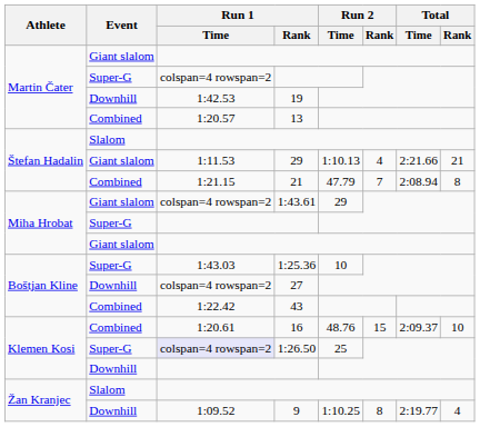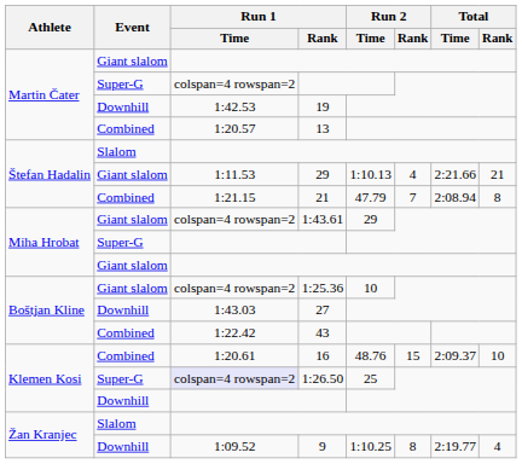 <table class="wikitable" style="font-size:90%">
 <tr>
 <th rowspan=2>Athlete</th>
 <th rowspan=2>Event</th>
 <th colspan=2>Run 1</th>
 <th colspan=2>Run 2</th>
 <th colspan=2>Total</th>
 </tr>
 <tr style="font-size:95%">
 <th>Time</th>
 <th>Rank</th>
 <th>Time</th>
 <th>Rank</th>
 <th>Time</th>
 <th>Rank</th>
 </tr>
 <tr align=center>
 <td style="text-align:left;" rowspan="4"><a href='#'>Martin Čater</a></td>
 <td align=left><a href='#'>Giant slalom</a></td>
 <td colspan=6></td>
 </tr>
 <tr align=center>
 <td align=left><a href='#'>Super-G</a></td>
 <td>colspan=4 rowspan=2 </td>
 <td colspan=2></td>
 </tr>
 <tr align=center>
 <td align=left><a href='#'>Downhill</a></td>
 <td>1:42.53</td>
 <td>19</td>
 </tr>
 <tr align=center>
 <td align=left><a href='#'>Combined</a></td>
 <td>1:20.57</td>
 <td>13</td>
 <td colspan=4></td>
 </tr>
 <tr align=center>
 <td style="text-align:left;" rowspan="3"><a href='#'>Štefan Hadalin</a></td>
 <td align=left><a href='#'>Slalom</a></td>
 <td colspan=6></td>
 </tr>
 <tr align=center>
 <td align=left><a href='#'>Giant slalom</a></td>
 <td>1:11.53</td>
 <td>29</td>
 <td>1:10.13</td>
 <td>4</td>
 <td>2:21.66</td>
 <td>21</td>
 </tr>
 <tr align=center>
 <td align=left><a href='#'>Combined</a></td>
 <td>1:21.15</td>
 <td>21</td>
 <td>47.79</td>
 <td>7</td>
 <td>2:08.94</td>
 <td>8</td>
 </tr>
 <tr align=center>
 <td style="text-align:left;" rowspan="3"><a href='#'>Miha Hrobat</a></td>
 <td align=left><a href='#'>Giant slalom</a></td>
 <td>colspan=4 rowspan=2 </td>
 <td>1:43.61</td>
 <td>29</td>
 </tr>
 <tr align=center>
 <td align=left><a href='#'>Super-G</a></td>
 <td colspan=2></td>
 </tr>
 <tr align=center>
 <td align=left><a href='#'>Giant slalom</a></td>
 <td colspan=6></td>
 </tr>
 <tr align=center>
 <td style="text-align:left;" rowspan="3"><a href='#'>Boštjan Kline</a></td>
-<td align=left><a href='#'>Super-G</a></td>
-<td>1:43.03</td>
+<td align=left><a href='#'>Giant slalom</a></td>
+<td>colspan=4 rowspan=2 </td>
 <td>1:25.36</td>
 <td>10</td>
 </tr>
 <tr align=center>
 <td align=left><a href='#'>Downhill</a></td>
-<td>colspan=4 rowspan=2 </td>
+<td>1:43.03</td>
 <td>27</td>
 </tr>
 <tr align=center>
 <td align=left><a href='#'>Combined</a></td>
 <td>1:22.42</td>
 <td>43</td>
 <td colspan=2></td>
 <td colspan=2></td>
 </tr>
 <tr align=center>
 <td style="text-align:left;" rowspan="3"><a href='#'>Klemen Kosi</a></td>
 <td align=left><a href='#'>Combined</a></td>
 <td>1:20.61</td>
 <td>16</td>
 <td>48.76</td>
 <td>15</td>
 <td>2:09.37</td>
 <td>10</td>
 </tr>
 <tr align=center>
 <td align=left><a href='#'>Super-G</a></td>
 <td style="background: lavender;">colspan=4 rowspan=2 </td>
 <td>1:26.50</td>
 <td>25</td>
 </tr>
 <tr align=center>
 <td align=left><a href='#'>Downhill</a></td>
 <td colspan=2></td>
 </tr>
 <tr align=center>
 <td style="text-align:left;" rowspan="2"><a href='#'>Žan Kranjec</a></td>
 <td align=left><a href='#'>Slalom</a></td>
 <td colspan=6></td>
 </tr>
 <tr align=center>
 <td align=left><a href='#'>Downhill</a></td>
 <td>1:09.52</td>
 <td>9</td>
 <td>1:10.25</td>
 <td>8</td>
 <td>2:19.77</td>
 <td>4</td>
 </tr>
 </table>
